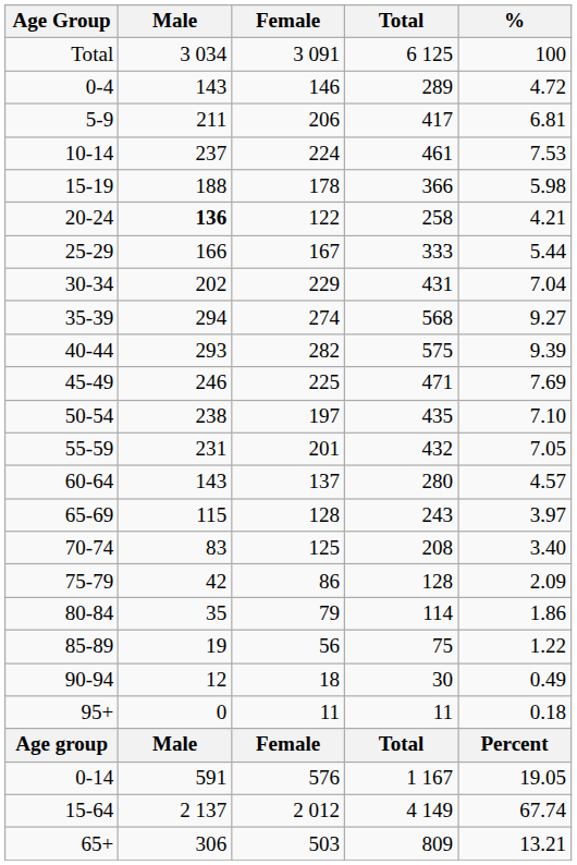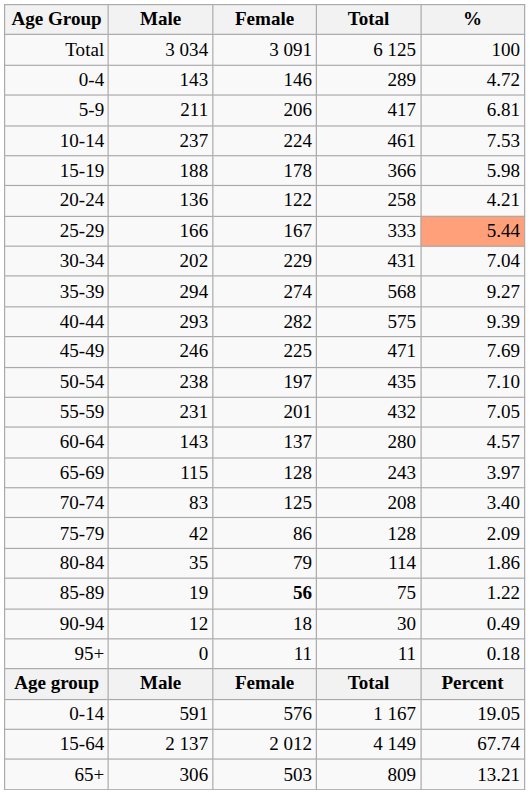 <table class="wikitable">
 <tr>
 <th width="80pt">Age Group</th>
 <th width="80pt">Male</th>
 <th width="80pt">Female</th>
 <th width="80pt">Total</th>
 <th width="80pt">%</th>
 </tr>
 <tr>
 <td align="right">Total</td>
 <td align="right">3 034</td>
 <td align="right">3 091</td>
 <td align="right">6 125</td>
 <td align="right">100</td>
 </tr>
 <tr>
 <td align="right">0-4</td>
 <td align="right">143</td>
 <td align="right">146</td>
 <td align="right">289</td>
 <td align="right">4.72</td>
 </tr>
 <tr>
 <td align="right">5-9</td>
 <td align="right">211</td>
 <td align="right">206</td>
 <td align="right">417</td>
 <td align="right">6.81</td>
 </tr>
 <tr>
 <td align="right">10-14</td>
 <td align="right">237</td>
 <td align="right">224</td>
 <td align="right">461</td>
 <td align="right">7.53</td>
 </tr>
 <tr>
 <td align="right">15-19</td>
 <td align="right">188</td>
 <td align="right">178</td>
 <td align="right">366</td>
 <td align="right">5.98</td>
 </tr>
 <tr>
 <td align="right">20-24</td>
-<td align="right"><strong>136</strong></td>
+<td align="right">136</td>
 <td align="right">122</td>
 <td align="right">258</td>
 <td align="right">4.21</td>
 </tr>
 <tr>
 <td align="right">25-29</td>
 <td align="right">166</td>
 <td align="right">167</td>
 <td align="right">333</td>
-<td align="right">5.44</td>
+<td align="right" style="background: lightsalmon;">5.44</td>
 </tr>
 <tr>
 <td align="right">30-34</td>
 <td align="right">202</td>
 <td align="right">229</td>
 <td align="right">431</td>
 <td align="right">7.04</td>
 </tr>
 <tr>
 <td align="right">35-39</td>
 <td align="right">294</td>
 <td align="right">274</td>
 <td align="right">568</td>
 <td align="right">9.27</td>
 </tr>
 <tr>
 <td align="right">40-44</td>
 <td align="right">293</td>
 <td align="right">282</td>
 <td align="right">575</td>
 <td align="right">9.39</td>
 </tr>
 <tr>
 <td align="right">45-49</td>
 <td align="right">246</td>
 <td align="right">225</td>
 <td align="right">471</td>
 <td align="right">7.69</td>
 </tr>
 <tr>
 <td align="right">50-54</td>
 <td align="right">238</td>
 <td align="right">197</td>
 <td align="right">435</td>
 <td align="right">7.10</td>
 </tr>
 <tr>
 <td align="right">55-59</td>
 <td align="right">231</td>
 <td align="right">201</td>
 <td align="right">432</td>
 <td align="right">7.05</td>
 </tr>
 <tr>
 <td align="right">60-64</td>
 <td align="right">143</td>
 <td align="right">137</td>
 <td align="right">280</td>
 <td align="right">4.57</td>
 </tr>
 <tr>
 <td align="right">65-69</td>
 <td align="right">115</td>
 <td align="right">128</td>
 <td align="right">243</td>
 <td align="right">3.97</td>
 </tr>
 <tr>
 <td align="right">70-74</td>
 <td align="right">83</td>
 <td align="right">125</td>
 <td align="right">208</td>
 <td align="right">3.40</td>
 </tr>
 <tr>
 <td align="right">75-79</td>
 <td align="right">42</td>
 <td align="right">86</td>
 <td align="right">128</td>
 <td align="right">2.09</td>
 </tr>
 <tr>
 <td align="right">80-84</td>
 <td align="right">35</td>
 <td align="right">79</td>
 <td align="right">114</td>
 <td align="right">1.86</td>
 </tr>
 <tr>
 <td align="right">85-89</td>
 <td align="right">19</td>
-<td align="right">56</td>
+<td align="right"><strong>56</strong></td>
 <td align="right">75</td>
 <td align="right">1.22</td>
 </tr>
 <tr>
 <td align="right">90-94</td>
 <td align="right">12</td>
 <td align="right">18</td>
 <td align="right">30</td>
 <td align="right">0.49</td>
 </tr>
 <tr>
 <td align="right">95+</td>
 <td align="right">0</td>
 <td align="right">11</td>
 <td align="right">11</td>
 <td align="right">0.18</td>
 </tr>
 <tr>
 <th width="50">Age group</th>
 <th width="80pt">Male</th>
 <th width="80">Female</th>
 <th width="80">Total</th>
 <th width="50">Percent</th>
 </tr>
 <tr>
 <td align="right">0-14</td>
 <td align="right">591</td>
 <td align="right">576</td>
 <td align="right">1 167</td>
 <td align="right">19.05</td>
 </tr>
 <tr>
 <td align="right">15-64</td>
 <td align="right">2 137</td>
 <td align="right">2 012</td>
 <td align="right">4 149</td>
 <td align="right">67.74</td>
 </tr>
 <tr>
 <td align="right">65+</td>
 <td align="right">306</td>
 <td align="right">503</td>
 <td align="right">809</td>
 <td align="right">13.21</td>
 </tr>
 <tr>
 </tr>
 </table>
